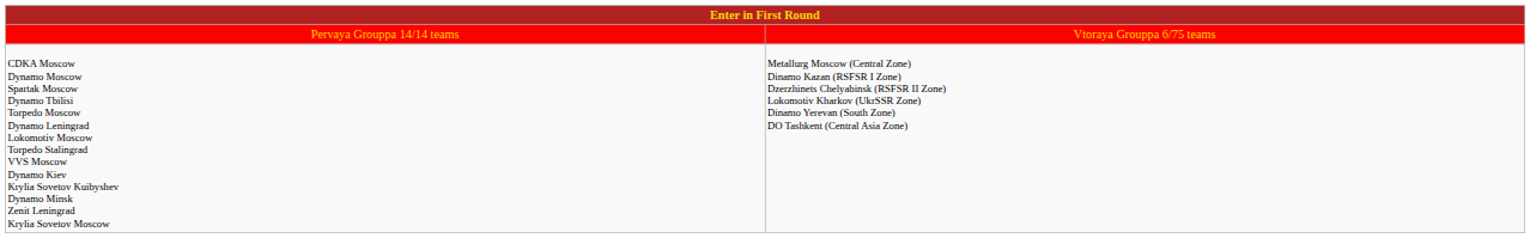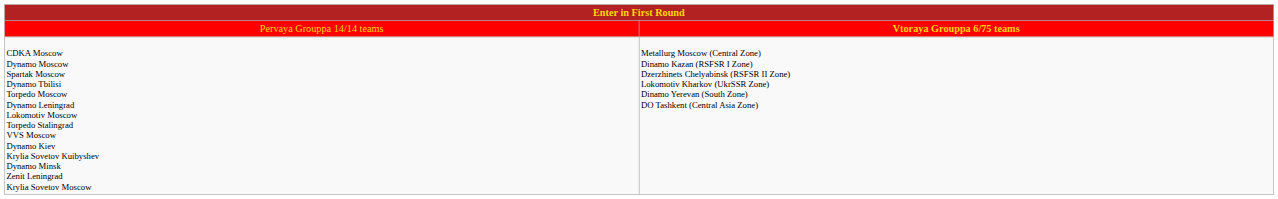 <table class="wikitable" style="width:100%;">
 <tr style="background:Firebrick; text-align:center;">
 <td style="width:90%; color:Gold" colspan="2"><strong>Enter in First Round</strong></td>
 </tr>
 <tr style="background:Red;">
 <td style="text-align:center; width:45%; color:Gold" colspan=1>Pervaya Grouppa 14/14 teams</td>
-<td style="text-align:center; width:45%; color:Gold" colspan=1>Vtoraya Grouppa 6/75 teams</td>
+<td style="text-align:center; width:45%; color:Gold" colspan=1><strong>Vtoraya Grouppa 6/75 teams</strong></td>
 </tr>
 <tr style="vertical-align:top; font-size:85%;">
 <td rowspan=3><br> CDKA Moscow<br>  Dynamo Moscow<br>  Spartak Moscow<br>  Dynamo Tbilisi<br>  Torpedo Moscow<br>  Dynamo Leningrad<br>  Lokomotiv Moscow<br>  Torpedo Stalingrad<br>  VVS Moscow<br>  Dynamo Kiev<br>  Krylia Sovetov Kuibyshev<br>  Dynamo Minsk<br>  Zenit Leningrad<br>  Krylia Sovetov Moscow<br></td>
 <td><br> Metallurg Moscow (Central Zone)<br>  Dinamo Kazan (RSFSR I Zone)<br>  Dzerzhinets Chelyabinsk (RSFSR II Zone)<br>  Lokomotiv Kharkov (UkrSSR Zone)<br>  Dinamo Yerevan (South Zone)<br>  DO Tashkent (Central Asia Zone)<br></td>
 </tr>
 </table>
